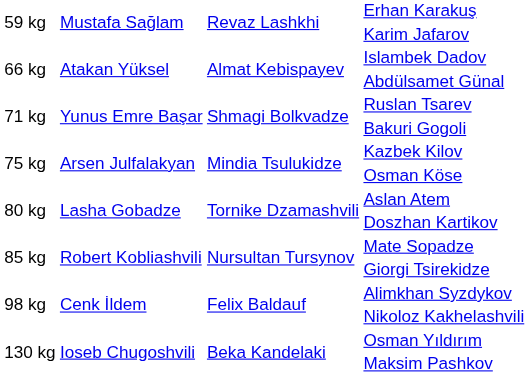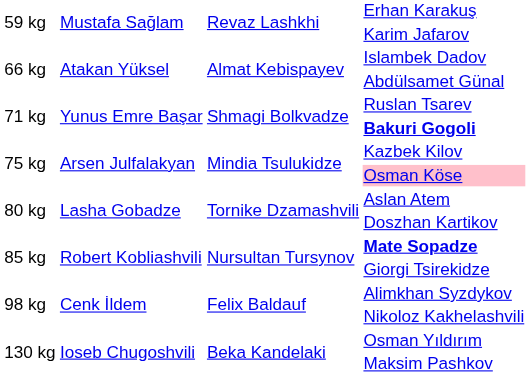 <table>
 <tr>
 <td rowspan=2>59 kg</td>
 <td rowspan=2> <a href='#'>Mustafa Sağlam</a></td>
 <td rowspan=2> <a href='#'>Revaz Lashkhi</a></td>
 <td> <a href='#'>Erhan Karakuş</a></td>
 </tr>
 <tr>
 <td> <a href='#'>Karim Jafarov</a></td>
 </tr>
 <tr>
 <td rowspan=2>66 kg</td>
 <td rowspan=2> <a href='#'>Atakan Yüksel</a></td>
 <td rowspan=2> <a href='#'>Almat Kebispayev</a></td>
 <td> <a href='#'>Islambek Dadov</a></td>
 </tr>
 <tr>
 <td> <a href='#'>Abdülsamet Günal</a></td>
 </tr>
 <tr>
 <td rowspan=2>71 kg</td>
 <td rowspan=2> <a href='#'>Yunus Emre Başar</a></td>
 <td rowspan=2> <a href='#'>Shmagi Bolkvadze</a></td>
 <td> <a href='#'>Ruslan Tsarev</a></td>
 </tr>
 <tr>
-<td> <a href='#'>Bakuri Gogoli</a></td>
+<td><strong> <a href='#'>Bakuri Gogoli</a></strong></td>
 </tr>
 <tr>
 <td rowspan=2>75 kg</td>
 <td rowspan=2> <a href='#'>Arsen Julfalakyan</a></td>
 <td rowspan=2> <a href='#'>Mindia Tsulukidze</a></td>
 <td> <a href='#'>Kazbek Kilov</a></td>
 </tr>
 <tr>
-<td> <a href='#'>Osman Köse</a></td>
+<td style="background: pink;"> <a href='#'>Osman Köse</a></td>
 </tr>
 <tr>
 <td rowspan=2>80 kg</td>
 <td rowspan=2> <a href='#'>Lasha Gobadze</a></td>
 <td rowspan=2> <a href='#'>Tornike Dzamashvili</a></td>
 <td> <a href='#'>Aslan Atem</a></td>
 </tr>
 <tr>
 <td> <a href='#'>Doszhan Kartikov</a></td>
 </tr>
 <tr>
 <td rowspan=2>85 kg</td>
 <td rowspan=2> <a href='#'>Robert Kobliashvili</a></td>
 <td rowspan=2> <a href='#'>Nursultan Tursynov</a></td>
-<td> <a href='#'>Mate Sopadze</a></td>
+<td><strong> <a href='#'>Mate Sopadze</a></strong></td>
 </tr>
 <tr>
 <td> <a href='#'>Giorgi Tsirekidze</a></td>
 </tr>
 <tr>
 <td rowspan=2>98 kg</td>
 <td rowspan=2> <a href='#'>Cenk İldem</a></td>
 <td rowspan=2> <a href='#'>Felix Baldauf</a></td>
 <td> <a href='#'>Alimkhan Syzdykov</a></td>
 </tr>
 <tr>
 <td> <a href='#'>Nikoloz Kakhelashvili</a></td>
 </tr>
 <tr>
 <td rowspan=2>130 kg</td>
 <td rowspan=2> <a href='#'>Ioseb Chugoshvili</a></td>
 <td rowspan=2> <a href='#'>Beka Kandelaki</a></td>
 <td> <a href='#'>Osman Yıldırım</a></td>
 </tr>
 <tr>
 <td> <a href='#'>Maksim Pashkov</a></td>
 </tr>
 <tr>
 </tr>
 </table>
